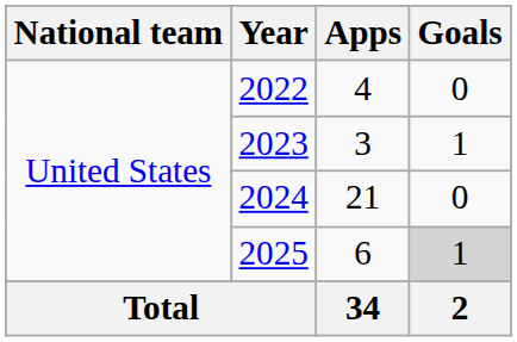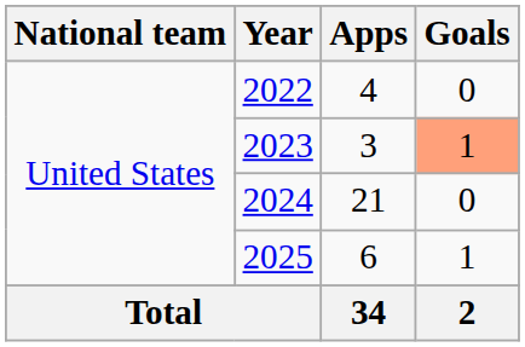 <table class="wikitable" style="text-align:center">
 <tr>
 <th>National team</th>
 <th>Year</th>
 <th>Apps</th>
 <th>Goals</th>
 </tr>
 <tr>
 <td rowspan=4><a href='#'>United States</a></td>
 <td><a href='#'>2022</a></td>
 <td>4</td>
 <td>0</td>
 </tr>
 <tr>
 <td><a href='#'>2023</a></td>
 <td>3</td>
-<td>1</td>
+<td style="background: lightsalmon;">1</td>
 </tr>
 <tr>
 <td><a href='#'>2024</a></td>
 <td>21</td>
 <td>0</td>
 </tr>
 <tr>
 <td><a href='#'>2025</a></td>
 <td>6</td>
-<td style="background: lightgrey;">1</td>
+<td>1</td>
 </tr>
 <tr>
 <th colspan=2>Total</th>
 <th>34</th>
 <th>2</th>
 </tr>
 </table>
